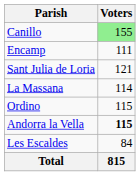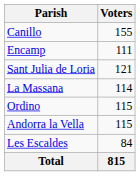 <table class = "wikitable">
 <tr>
 <th>Parish</th>
 <th>Voters</th>
 </tr>
 <tr>
 <td><a href='#'>Canillo</a></td>
-<td style = "background: lightgreen; text-align: right">155</td>
+<td style = "text-align: right">155</td>
 </tr>
 <tr>
 <td><a href='#'>Encamp</a></td>
 <td style = "text-align: right">111</td>
 </tr>
 <tr>
 <td><a href='#'>Sant Julia de Loria</a></td>
 <td style = "text-align: right">121</td>
 </tr>
 <tr>
 <td><a href='#'>La Massana</a></td>
 <td style = "text-align: right">114</td>
 </tr>
 <tr>
 <td><a href='#'>Ordino</a></td>
 <td style = "text-align: right">115</td>
 </tr>
 <tr>
 <td><a href='#'>Andorra la Vella</a></td>
-<td style = "text-align: right"><strong>115</strong></td>
+<td style = "text-align: right">115</td>
 </tr>
 <tr>
 <td><a href='#'>Les Escaldes</a></td>
 <td style = "text-align: right">84</td>
 </tr>
 <tr>
 <th>Total</th>
 <th>815</th>
 </tr>
 </table>
